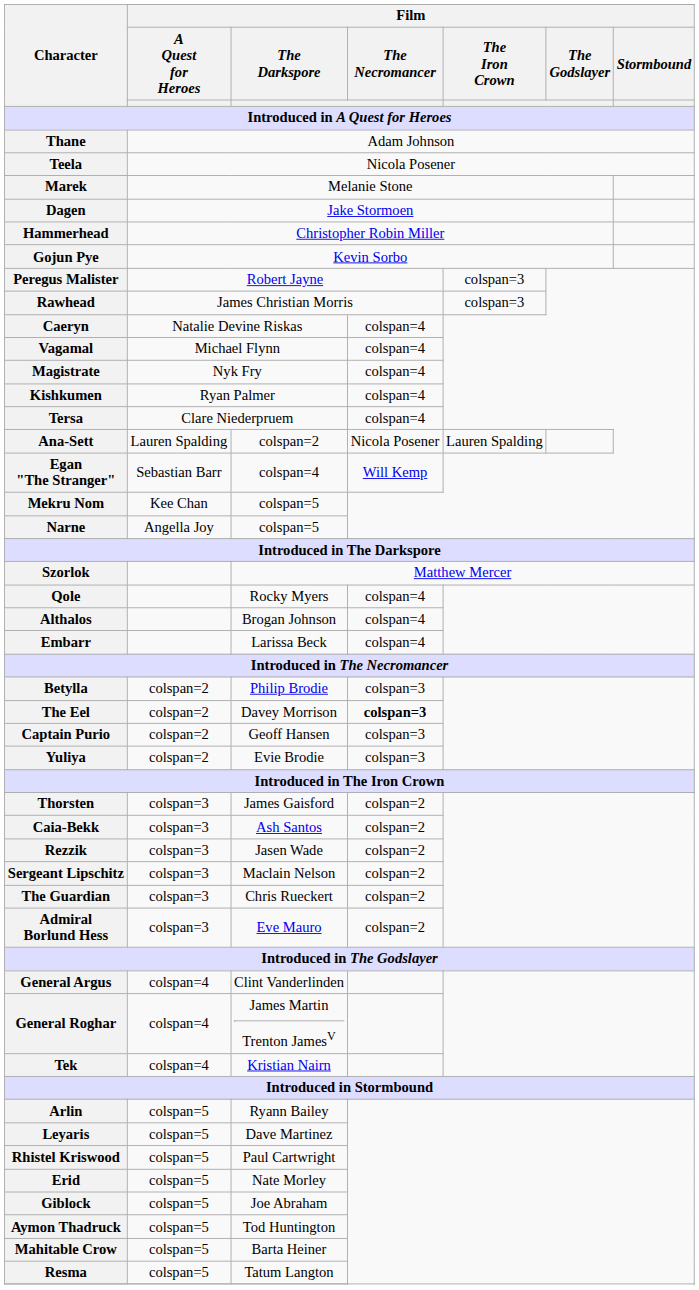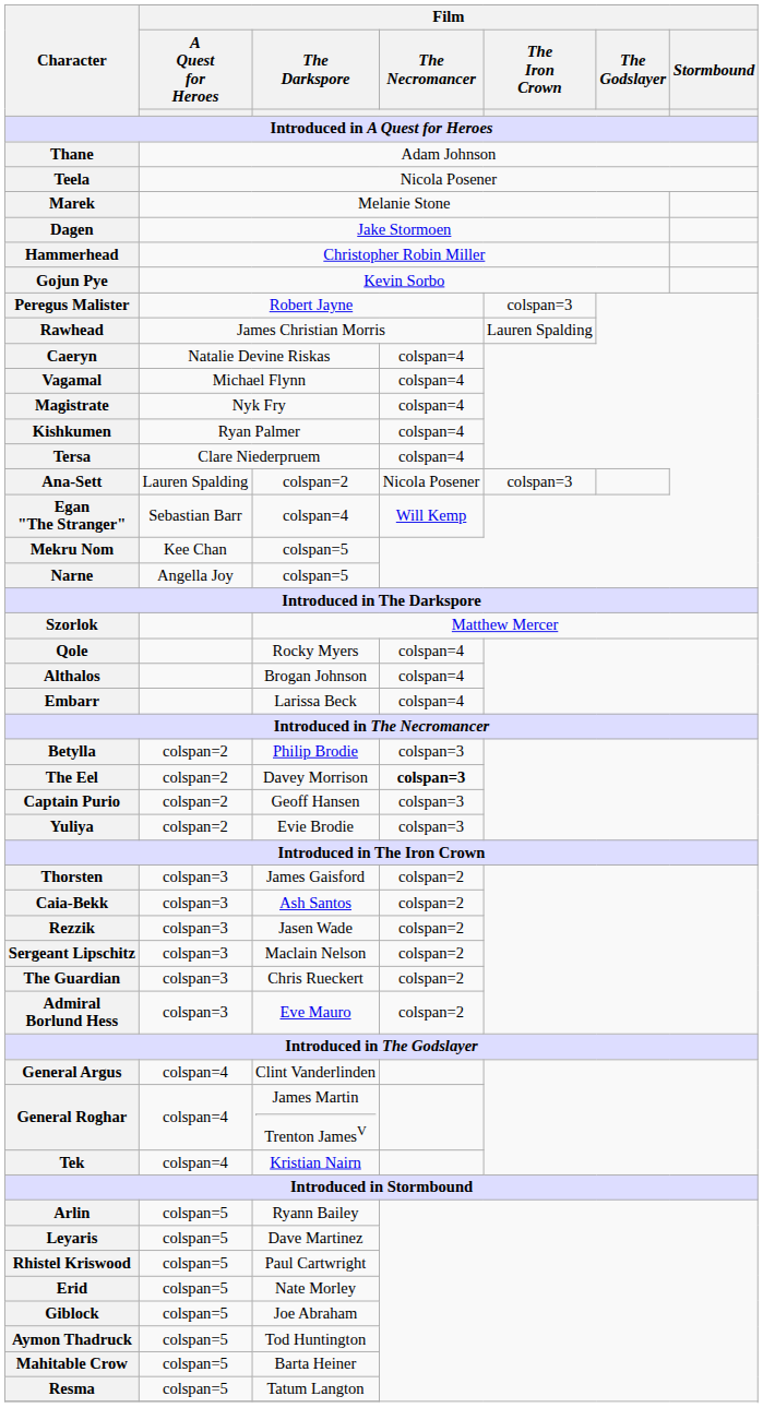 <table class="wikitable" style="text-align:center">
 <tr>
 <th rowspan=4>Character</th>
 </tr>
 <tr>
 <th colspan=6>Film</th>
 </tr>
 <tr>
 <th><em>A<br>Quest<br>for<br>Heroes</em></th>
 <th><em>The<br>Darkspore</em></th>
 <th><em>The<br>Necromancer</em></th>
 <th><em>The<br>Iron<br>Crown</em></th>
 <th><em>The<br>Godslayer</em></th>
 <th><em>Stormbound</em></th>
 </tr>
 <tr>
 <th></th>
 <th colspan=2></th>
 <th colspan=2></th>
 <th></th>
 </tr>
 <tr>
 <th colspan="7" style="background-color:#ddf;"><strong>Introduced in <em>A Quest for Heroes<strong><em></th>
 </tr>
 <tr>
 <th>Thane</th>
 <td colspan=6>Adam Johnson</td>
 </tr>
 <tr>
 <th>Teela</th>
 <td colspan=6>Nicola Posener</td>
 </tr>
 <tr>
 <th>Marek</th>
 <td colspan=5>Melanie Stone</td>
 <td></td>
 </tr>
 <tr>
 <th>Dagen</th>
 <td colspan=5><a href='#'>Jake Stormoen</a></td>
 <td></td>
 </tr>
 <tr>
 <th>Hammerhead</th>
 <td colspan=5><a href='#'>Christopher Robin Miller</a></td>
 <td></td>
 </tr>
 <tr>
 <th>Gojun Pye</th>
 <td colspan=5><a href='#'>Kevin Sorbo</a></td>
 <td></td>
 </tr>
 <tr>
 <th>Peregus Malister</th>
 <td colspan=3><a href='#'>Robert Jayne</a></td>
 <td>colspan=3 </td>
 </tr>
 <tr>
 <th>Rawhead</th>
 <td colspan=3>James Christian Morris</td>
-<td>colspan=3 </td>
+<td>Lauren Spalding</td>
 </tr>
 <tr>
 <th>Caeryn</th>
 <td colspan=2>Natalie Devine Riskas</td>
 <td>colspan=4 </td>
 </tr>
 <tr>
 <th>Vagamal</th>
 <td colspan=2>Michael Flynn</td>
 <td>colspan=4 </td>
 </tr>
 <tr>
 <th>Magistrate</th>
 <td colspan=2>Nyk Fry</td>
 <td>colspan=4 </td>
 </tr>
 <tr>
 <th>Kishkumen</th>
 <td colspan=2>Ryan Palmer</td>
 <td>colspan=4 </td>
 </tr>
 <tr>
 <th>Tersa</th>
 <td colspan=2>Clare Niederpruem</td>
 <td>colspan=4 </td>
 </tr>
 <tr>
 <th>Ana-Sett</th>
 <td>Lauren Spalding</td>
 <td>colspan=2 </td>
 <td>Nicola Posener</td>
-<td>Lauren Spalding</td>
+<td>colspan=3 </td>
 <td></td>
 </tr>
 <tr>
 <th>Egan<br>"The Stranger"</th>
 <td>Sebastian Barr</td>
 <td>colspan=4 </td>
 <td><a href='#'>Will Kemp</a></td>
 </tr>
 <tr>
 <th>Mekru Nom</th>
 <td>Kee Chan</td>
 <td>colspan=5 </td>
 </tr>
 <tr>
 <th>Narne</th>
 <td>Angella Joy</td>
 <td>colspan=5 </td>
 </tr>
 <tr>
 <th colspan="7" style="background-color:#ddf;"></strong>Introduced in </em>The Darkspore</em></strong></th>
 </tr>
 <tr>
 <th>Szorlok</th>
 <td></td>
 <td colspan=5><a href='#'>Matthew Mercer</a></td>
 </tr>
 <tr>
 <th>Qole</th>
 <td></td>
 <td>Rocky Myers</td>
 <td>colspan=4 </td>
 </tr>
 <tr>
 <th>Althalos</th>
 <td></td>
 <td>Brogan Johnson</td>
 <td>colspan=4 </td>
 </tr>
 <tr>
 <th>Embarr</th>
 <td></td>
 <td>Larissa Beck</td>
 <td>colspan=4 </td>
 </tr>
 <tr>
 <th colspan="7" style="background-color:#ddf;"><strong>Introduced in <em>The Necromancer<strong><em></th>
 </tr>
 <tr>
 <th>Betylla</th>
 <td>colspan=2 </td>
 <td><a href='#'>Philip Brodie</a></td>
 <td>colspan=3 </td>
 </tr>
 <tr>
 <th>The Eel</th>
 <td>colspan=2 </td>
 <td>Davey Morrison</td>
 <td><strong>colspan=3 </strong></td>
 </tr>
 <tr>
 <th>Captain Purio</th>
 <td>colspan=2 </td>
 <td>Geoff Hansen</td>
 <td>colspan=3 </td>
 </tr>
 <tr>
 <th>Yuliya</th>
 <td>colspan=2 </td>
 <td>Evie Brodie</td>
 <td>colspan=3 </td>
 </tr>
 <tr>
 <th colspan="7" style="background-color:#ddf;"></strong>Introduced in </em>The Iron Crown</em></strong></th>
 </tr>
 <tr>
 <th>Thorsten</th>
 <td>colspan=3 </td>
 <td>James Gaisford</td>
 <td>colspan=2 </td>
 </tr>
 <tr>
 <th>Caia-Bekk</th>
 <td>colspan=3 </td>
 <td><a href='#'>Ash Santos</a></td>
 <td>colspan=2 </td>
 </tr>
 <tr>
 <th>Rezzik</th>
 <td>colspan=3 </td>
 <td>Jasen Wade</td>
 <td>colspan=2 </td>
 </tr>
 <tr>
 <th>Sergeant Lipschitz</th>
 <td>colspan=3 </td>
 <td>Maclain Nelson</td>
 <td>colspan=2 </td>
 </tr>
 <tr>
 <th>The Guardian</th>
 <td>colspan=3 </td>
 <td>Chris Rueckert</td>
 <td>colspan=2 </td>
 </tr>
 <tr>
 <th>Admiral<br>Borlund Hess</th>
 <td>colspan=3 </td>
 <td><a href='#'>Eve Mauro</a></td>
 <td>colspan=2 </td>
 </tr>
 <tr>
 <th colspan="7" style="background-color:#ddf;"><strong>Introduced in <em>The Godslayer<strong><em></th>
 </tr>
 <tr>
 <th>General Argus</th>
 <td>colspan=4 </td>
 <td>Clint Vanderlinden</td>
 <td></td>
 </tr>
 <tr>
 <th>General Roghar</th>
 <td>colspan=4 </td>
 <td>James Martin<hr>Trenton James<sup>V</sup></td>
 <td></td>
 </tr>
 <tr>
 <th>Tek</th>
 <td>colspan=4 </td>
 <td><a href='#'>Kristian Nairn</a></td>
 <td></td>
 </tr>
 <tr>
 <th colspan="7" style="background-color:#ddf;"></strong>Introduced in </em>Stormbound</em></strong></th>
 </tr>
 <tr>
 <th>Arlin</th>
 <td>colspan=5 </td>
 <td>Ryann Bailey</td>
 </tr>
 <tr>
 <th>Leyaris</th>
 <td>colspan=5 </td>
 <td>Dave Martinez</td>
 </tr>
 <tr>
 <th>Rhistel Kriswood</th>
 <td>colspan=5 </td>
 <td>Paul Cartwright</td>
 </tr>
 <tr>
 <th>Erid</th>
 <td>colspan=5 </td>
 <td>Nate Morley</td>
 </tr>
 <tr>
 <th>Giblock</th>
 <td>colspan=5 </td>
 <td>Joe Abraham</td>
 </tr>
 <tr>
 <th>Aymon Thadruck</th>
 <td>colspan=5 </td>
 <td>Tod Huntington</td>
 </tr>
 <tr>
 <th>Mahitable Crow</th>
 <td>colspan=5 </td>
 <td>Barta Heiner</td>
 </tr>
 <tr>
 <th>Resma</th>
 <td>colspan=5 </td>
 <td>Tatum Langton</td>
 </tr>
 <tr>
 </tr>
 </table>
